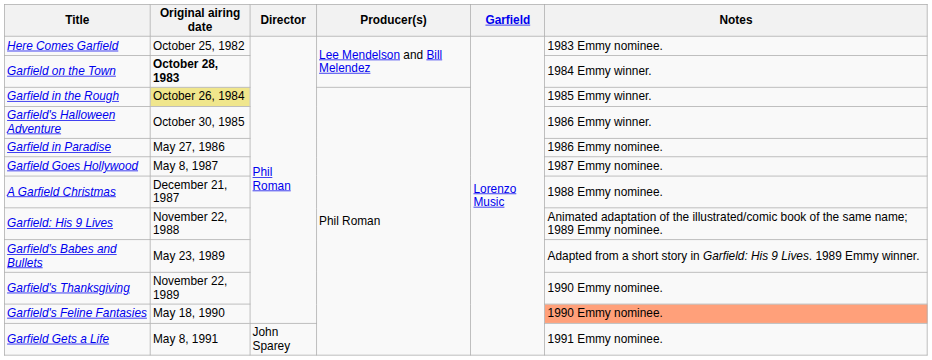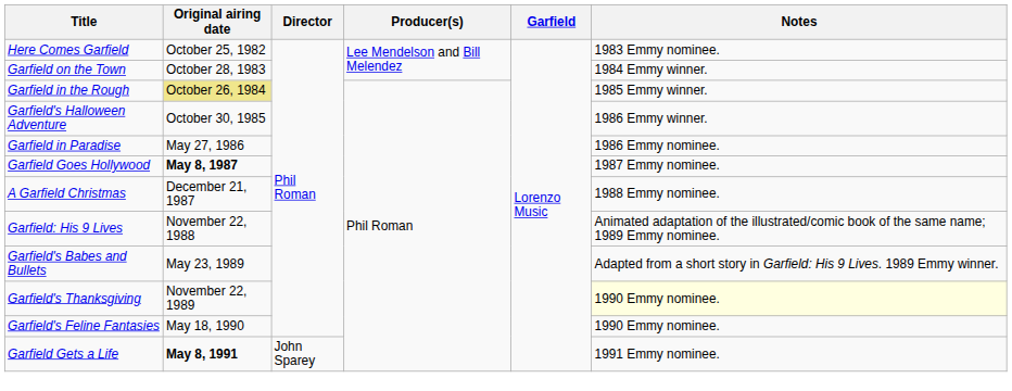 <table class="wikitable">
 <tr>
 <th>Title</th>
 <th>Original airing date</th>
 <th>Director</th>
 <th>Producer(s)</th>
 <th><a href='#'>Garfield</a></th>
 <th>Notes</th>
 </tr>
 <tr>
 <td><em><a href='#'>Here Comes Garfield</a></em></td>
 <td>October 25, 1982</td>
 <td rowspan="11"><a href='#'>Phil Roman</a></td>
 <td rowspan="2"><a href='#'>Lee Mendelson</a> and <a href='#'>Bill Melendez</a></td>
 <td rowspan="12"><a href='#'>Lorenzo Music</a></td>
 <td>1983 Emmy nominee.</td>
 </tr>
 <tr>
 <td><em><a href='#'>Garfield on the Town</a></em></td>
-<td><strong>October 28, 1983</strong></td>
+<td>October 28, 1983</td>
 <td>1984 Emmy winner.</td>
 </tr>
 <tr>
 <td><em><a href='#'>Garfield in the Rough</a></em></td>
 <td style="background: khaki;">October 26, 1984</td>
 <td rowspan="10">Phil Roman</td>
 <td>1985 Emmy winner.</td>
 </tr>
 <tr>
 <td><em><a href='#'>Garfield's Halloween Adventure</a></em></td>
 <td>October 30, 1985</td>
 <td>1986 Emmy winner.</td>
 </tr>
 <tr>
 <td><em><a href='#'>Garfield in Paradise</a></em></td>
 <td>May 27, 1986</td>
 <td>1986 Emmy nominee.</td>
 </tr>
 <tr>
 <td><em><a href='#'>Garfield Goes Hollywood</a></em></td>
-<td>May 8, 1987</td>
+<td><strong>May 8, 1987</strong></td>
 <td>1987 Emmy nominee.</td>
 </tr>
 <tr>
 <td><em><a href='#'>A Garfield Christmas</a></em></td>
 <td>December 21, 1987</td>
 <td>1988 Emmy nominee.</td>
 </tr>
 <tr>
 <td><em><a href='#'>Garfield: His 9 Lives</a></em></td>
 <td>November 22, 1988</td>
 <td>Animated adaptation of the illustrated/comic book of the same name; 1989 Emmy nominee.</td>
 </tr>
 <tr>
 <td><em><a href='#'>Garfield's Babes and Bullets</a></em></td>
 <td>May 23, 1989</td>
 <td>Adapted from a short story in <em>Garfield: His 9 Lives</em>. 1989 Emmy winner.</td>
 </tr>
 <tr>
 <td><em><a href='#'>Garfield's Thanksgiving</a></em></td>
 <td>November 22, 1989</td>
-<td>1990 Emmy nominee.</td>
+<td style="background: lightyellow;">1990 Emmy nominee.</td>
 </tr>
 <tr>
 <td><em><a href='#'>Garfield's Feline Fantasies</a></em></td>
 <td>May 18, 1990</td>
-<td style="background: lightsalmon;">1990 Emmy nominee.</td>
+<td>1990 Emmy nominee.</td>
 </tr>
 <tr>
 <td><em><a href='#'>Garfield Gets a Life</a></em></td>
-<td>May 8, 1991</td>
+<td><strong>May 8, 1991</strong></td>
 <td>John Sparey</td>
 <td>1991 Emmy nominee.</td>
 </tr>
 </table>
